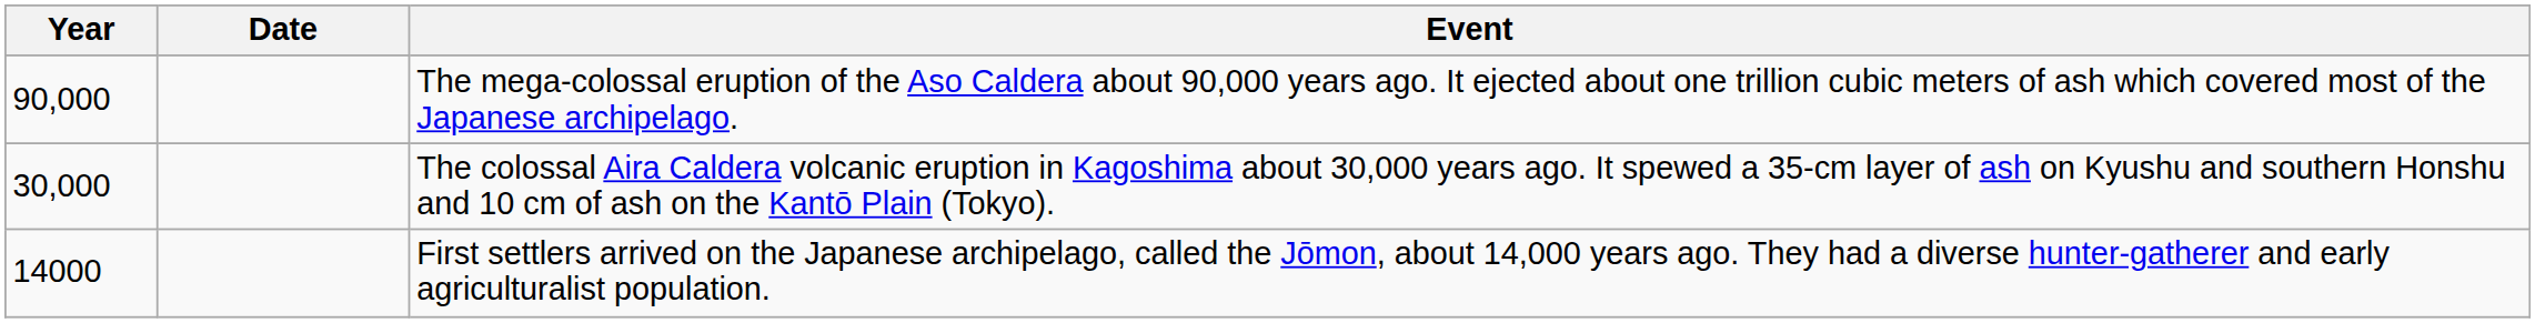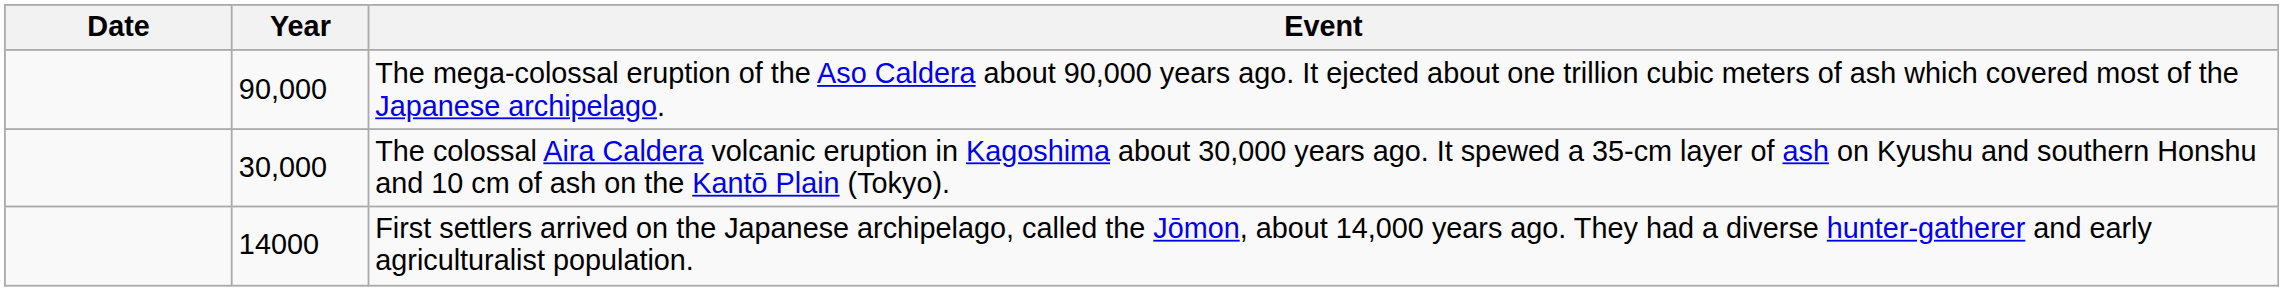 <table class="wikitable" width="100%">
 <tr>
+<th style="width:10%">Date</th>
 <th style="width:6%">Year</th>
-<th style="width:10%">Date</th>
 <th>Event</th>
 </tr>
 <tr>
+<td></td>
 <td>90,000</td>
-<td></td>
 <td>The mega-colossal eruption of the <a href='#'>Aso Caldera</a> about 90,000 years ago. It ejected about one trillion cubic meters of ash which covered most of the <a href='#'>Japanese archipelago</a>.</td>
 </tr>
 <tr>
+<td></td>
 <td>30,000</td>
-<td></td>
 <td>The colossal <a href='#'>Aira Caldera</a> volcanic eruption in <a href='#'>Kagoshima</a> about 30,000 years ago. It spewed a 35-cm layer of <a href='#'>ash</a> on Kyushu and southern Honshu and 10 cm of ash on the <a href='#'>Kantō Plain</a> (Tokyo).</td>
 </tr>
 <tr>
+<td></td>
 <td>14000</td>
-<td></td>
 <td>First settlers arrived on the Japanese archipelago, called the <a href='#'>Jōmon</a>, about 14,000 years ago. They had a diverse <a href='#'>hunter-gatherer</a> and early agriculturalist population.</td>
 </tr>
 </table>
